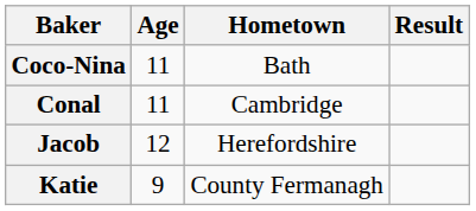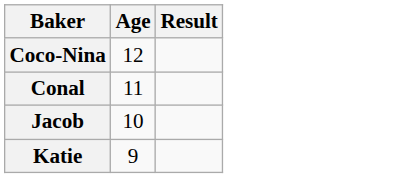 <table class="wikitable sortable" style="display:inline-table; text-align:center">
 <tr>
 <th scope="col">Baker</th>
 <th scope="col">Age</th>
-<th scope="col">Hometown</th>
 <th scope="col">Result</th>
 </tr>
 <tr>
 <th scope="row">Coco-Nina</th>
-<td>11</td>
-<td>Bath</td>
+<td>12</td>
 <td></td>
 </tr>
 <tr>
 <th scope="row">Conal</th>
 <td>11</td>
-<td>Cambridge</td>
 <td></td>
 </tr>
 <tr>
 <th scope="row">Jacob</th>
-<td>12</td>
-<td>Herefordshire</td>
+<td>10</td>
 <td></td>
 </tr>
 <tr>
 <th scope="row">Katie</th>
 <td>9</td>
-<td>County Fermanagh</td>
 <td></td>
 </tr>
 </table>
